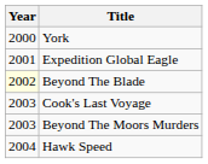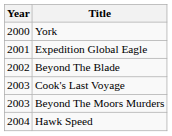 <table class="wikitable">
 <tr>
 <th>Year</th>
 <th>Title</th>
 </tr>
 <tr>
 <td>2000</td>
 <td>York</td>
 </tr>
 <tr>
 <td>2001</td>
 <td>Expedition Global Eagle</td>
 </tr>
 <tr>
-<td style="background: lightyellow;">2002</td>
+<td>2002</td>
 <td>Beyond The Blade</td>
 </tr>
 <tr>
 <td>2003</td>
 <td>Cook's Last Voyage</td>
 </tr>
 <tr>
 <td>2003</td>
 <td>Beyond The Moors Murders</td>
 </tr>
 <tr>
 <td>2004</td>
 <td>Hawk Speed</td>
 </tr>
 </table>
